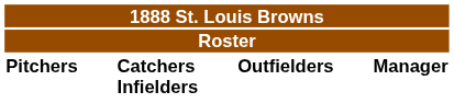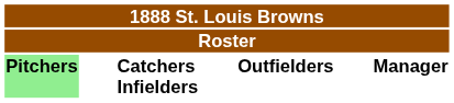 <table class="toccolours" style="font-size: 95%;">
 <tr>
 <th colspan="10" style="background-color: #964B00; color: white; text-align: center;">1888 St. Louis Browns</th>
 </tr>
 <tr>
 <td colspan="10" style="background-color: #964B00; color: white; text-align: center;"><strong>Roster</strong></td>
 </tr>
 <tr>
-<td valign="top"><strong>Pitchers</strong><br>     </td>
+<td valign="top" style="background: lightgreen;"><strong>Pitchers</strong><br>     </td>
 <td width="25px"></td>
 <td valign="top"><strong>Catchers</strong><br>   <strong>Infielders</strong>      </td>
 <td width="25px"></td>
 <td valign="top"><strong>Outfielders</strong><br>  </td>
 <td width="25px"></td>
 <td valign="top"><strong>Manager</strong><br></td>
 </tr>
 </table>
